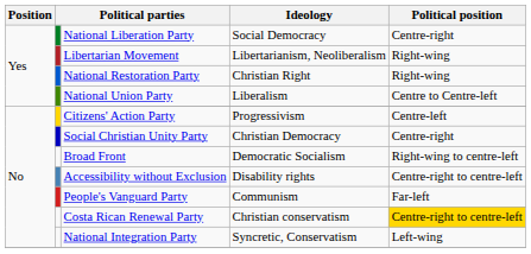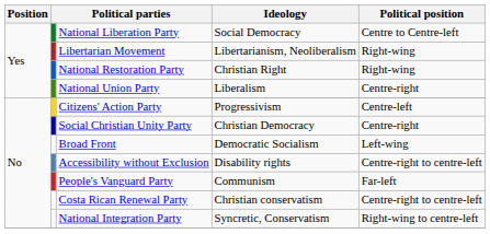 <table class="wikitable">
 <tr>
 <th>Position</th>
 <th colspan=2>Political parties</th>
 <th>Ideology</th>
 <th>Political position</th>
 </tr>
 <tr>
 <td rowspan="4">Yes</td>
 <td style="background-color:#008024"></td>
 <td><a href='#'>National Liberation Party</a></td>
 <td>Social Democracy</td>
-<td>Centre-right</td>
+<td>Centre to Centre-left</td>
 </tr>
 <tr>
 <td style="background-color:#b22027"></td>
 <td><a href='#'>Libertarian Movement</a></td>
 <td>Libertarianism, Neoliberalism</td>
 <td>Right-wing</td>
 </tr>
 <tr>
 <td style="background-color:#0059cf"></td>
 <td><a href='#'>National Restoration Party</a></td>
 <td>Christian Right</td>
 <td>Right-wing</td>
 </tr>
 <tr>
 <td style="background-color:#3F8700"></td>
 <td><a href='#'>National Union Party</a></td>
 <td>Liberalism</td>
-<td>Centre to Centre-left</td>
+<td>Centre-right</td>
 </tr>
 <tr>
 <td rowspan="8">No</td>
 </tr>
 <tr>
 <td style="background-color:#ffd700"></td>
 <td><a href='#'>Citizens' Action Party</a></td>
 <td>Progressivism</td>
 <td>Centre-left</td>
 </tr>
 <tr>
 <td style="background-color:#0000bf"></td>
 <td><a href='#'>Social Christian Unity Party</a></td>
 <td>Christian Democracy</td>
 <td>Centre-right</td>
 </tr>
 <tr>
 <td style="background-color:"></td>
 <td><a href='#'>Broad Front</a></td>
 <td>Democratic Socialism</td>
-<td>Right-wing to centre-left</td>
+<td>Left-wing</td>
 </tr>
 <tr>
 <td style="background-color:#4682b4"></td>
 <td><a href='#'>Accessibility without Exclusion</a></td>
 <td>Disability rights</td>
 <td>Centre-right to centre-left</td>
 </tr>
 <tr>
 <td style="background-color:#d41e1e"></td>
 <td><a href='#'>People's Vanguard Party</a></td>
 <td>Communism</td>
 <td>Far-left</td>
 </tr>
 <tr>
 <td></td>
 <td><a href='#'>Costa Rican Renewal Party</a></td>
 <td>Christian conservatism</td>
-<td style="background: gold;">Centre-right to centre-left</td>
+<td>Centre-right to centre-left</td>
 </tr>
 <tr>
 <td style="background-color:"></td>
 <td><a href='#'>National Integration Party</a></td>
 <td>Syncretic, Conservatism</td>
-<td>Left-wing</td>
+<td>Right-wing to centre-left</td>
 </tr>
 <tr>
 </tr>
 </table>
